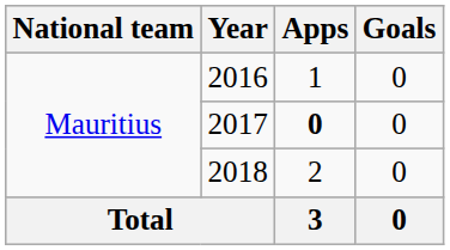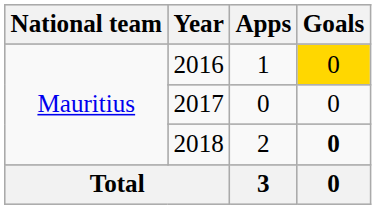 <table class="wikitable" style="text-align:center">
 <tr>
 <th>National team</th>
 <th>Year</th>
 <th>Apps</th>
 <th>Goals</th>
 </tr>
 <tr>
 <td rowspan="3"><a href='#'>Mauritius</a></td>
 <td>2016</td>
 <td>1</td>
-<td>0</td>
+<td style="background: gold;">0</td>
 </tr>
 <tr>
 <td>2017</td>
-<td><strong>0</strong></td>
+<td>0</td>
 <td>0</td>
 </tr>
 <tr>
 <td>2018</td>
 <td>2</td>
-<td>0</td>
+<td><strong>0</strong></td>
 </tr>
 <tr>
 <th colspan=2>Total</th>
 <th>3</th>
 <th>0</th>
 </tr>
 </table>
